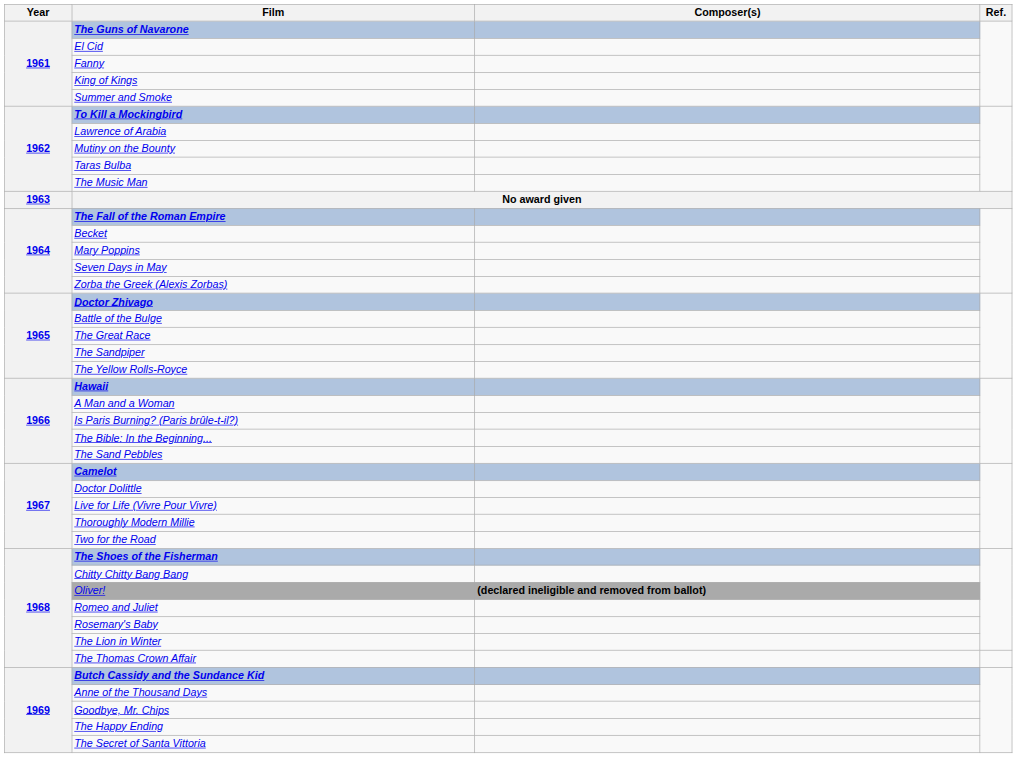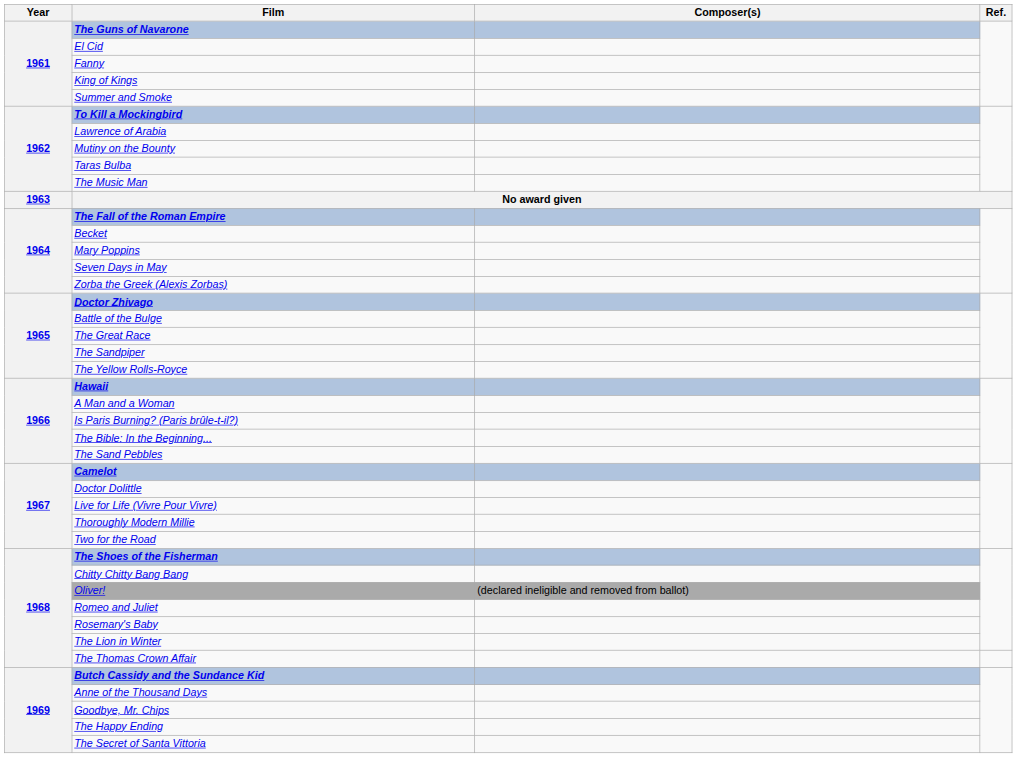 <table class="wikitable sortable unsortable" style="width:95%;" cellpadding="6">
 <tr>
 <th scope="col" style="width:70pt">Year</th>
 <th scope="col" style="width:40%">Film</th>
 <th scope="col">Composer(s)</th>
 <th scope="col" class="unsortable" style="width:30pt">Ref.</th>
 </tr>
 <tr>
 <th rowspan="5" style="text-align:center;"><a href='#'>1961</a></th>
 <td style="background:#B0C4DE;"><strong><em><a href='#'>The Guns of Navarone</a></em></strong></td>
 <td style="background:#B0C4DE;"><strong></strong></td>
 <td rowspan="5"></td>
 </tr>
 <tr>
 <td><em><a href='#'>El Cid</a></em></td>
 <td></td>
 </tr>
 <tr>
 <td><em><a href='#'>Fanny</a></em></td>
 <td></td>
 </tr>
 <tr>
 <td><em><a href='#'>King of Kings</a></em></td>
 <td></td>
 </tr>
 <tr>
 <td><em><a href='#'>Summer and Smoke</a></em></td>
 <td></td>
 </tr>
 <tr>
 <th rowspan="5" style="text-align:center;"><a href='#'>1962</a></th>
 <td style="background:#B0C4DE;"><strong><em><a href='#'>To Kill a Mockingbird</a></em></strong></td>
 <td style="background:#B0C4DE;"><strong></strong></td>
 <td rowspan="5"></td>
 </tr>
 <tr>
 <td><em><a href='#'>Lawrence of Arabia</a></em></td>
 <td></td>
 </tr>
 <tr>
 <td><em><a href='#'>Mutiny on the Bounty</a></em></td>
 <td></td>
 </tr>
 <tr>
 <td><em><a href='#'>Taras Bulba</a></em></td>
 <td></td>
 </tr>
 <tr>
 <td><em><a href='#'>The Music Man</a></em></td>
 <td></td>
 </tr>
 <tr>
 <th style="text-align:center;"><a href='#'>1963</a></th>
 <th colspan="3" style="text-align:center;">No award given</th>
 </tr>
 <tr>
 <th rowspan="5" style="text-align:center;"><a href='#'>1964</a></th>
 <td style="background:#B0C4DE;"><strong><em><a href='#'>The Fall of the Roman Empire</a></em></strong></td>
 <td style="background:#B0C4DE;"><strong></strong></td>
 <td rowspan="5"></td>
 </tr>
 <tr>
 <td><em><a href='#'>Becket</a></em></td>
 <td></td>
 </tr>
 <tr>
 <td><em><a href='#'>Mary Poppins</a></em></td>
 <td></td>
 </tr>
 <tr>
 <td><em><a href='#'>Seven Days in May</a></em></td>
 <td></td>
 </tr>
 <tr>
 <td><em><a href='#'>Zorba the Greek (Alexis Zorbas)</a></em></td>
 <td></td>
 </tr>
 <tr>
 <th rowspan="5" style="text-align:center;"><a href='#'>1965</a></th>
 <td style="background:#B0C4DE;"><strong><em><a href='#'>Doctor Zhivago</a></em></strong></td>
 <td style="background:#B0C4DE;"><strong></strong></td>
 <td rowspan="5"></td>
 </tr>
 <tr>
 <td><em><a href='#'>Battle of the Bulge</a></em></td>
 <td></td>
 </tr>
 <tr>
 <td><em><a href='#'>The Great Race</a></em></td>
 <td></td>
 </tr>
 <tr>
 <td><em><a href='#'>The Sandpiper</a></em></td>
 <td></td>
 </tr>
 <tr>
 <td><em><a href='#'>The Yellow Rolls-Royce</a></em></td>
 <td></td>
 </tr>
 <tr>
 <th rowspan="5" style="text-align:center;"><a href='#'>1966</a></th>
 <td style="background:#B0C4DE;"><strong><em><a href='#'>Hawaii</a></em></strong></td>
 <td style="background:#B0C4DE;"><strong></strong></td>
 <td rowspan="5"></td>
 </tr>
 <tr>
 <td><em><a href='#'>A Man and a Woman</a></em></td>
 <td></td>
 </tr>
 <tr>
 <td><em><a href='#'>Is Paris Burning? (Paris brûle-t-il?)</a></em></td>
 <td></td>
 </tr>
 <tr>
 <td><em><a href='#'>The Bible: In the Beginning...</a></em></td>
 <td></td>
 </tr>
 <tr>
 <td><em><a href='#'>The Sand Pebbles</a></em></td>
 <td></td>
 </tr>
 <tr>
 <th rowspan="5" style="text-align:center;"><a href='#'>1967</a></th>
 <td style="background:#B0C4DE;"><strong><em><a href='#'>Camelot</a></em></strong></td>
 <td style="background:#B0C4DE;"><strong></strong></td>
 <td rowspan="5"></td>
 </tr>
 <tr>
 <td><em><a href='#'>Doctor Dolittle</a></em></td>
 <td></td>
 </tr>
 <tr>
 <td><em><a href='#'>Live for Life (Vivre Pour Vivre)</a></em></td>
 <td></td>
 </tr>
 <tr>
 <td><em><a href='#'>Thoroughly Modern Millie</a></em></td>
 <td></td>
 </tr>
 <tr>
 <td><em><a href='#'>Two for the Road</a></em></td>
 <td></td>
 </tr>
 <tr>
 <th rowspan="7" style="text-align:center;"><a href='#'>1968</a></th>
 <td style="background:#B0C4DE;"><strong><em><a href='#'>The Shoes of the Fisherman</a></em></strong></td>
 <td style="background:#B0C4DE;"><strong></strong></td>
 <td rowspan="6"></td>
 </tr>
 <tr>
 <td><em><a href='#'>Chitty Chitty Bang Bang</a></em></td>
 <td></td>
 </tr>
 <tr>
 <td style="background:#AAAAAA;"><em><a href='#'>Oliver!</a></em></td>
-<td style="background:#AAAAAA;"><strong> (declared ineligible and removed from ballot)</strong></td>
+<td style="background:#AAAAAA;"> (declared ineligible and removed from ballot)</td>
 </tr>
 <tr>
 <td><em><a href='#'>Romeo and Juliet</a></em></td>
 <td></td>
 </tr>
 <tr>
 <td><em><a href='#'>Rosemary's Baby</a></em></td>
 <td></td>
 </tr>
 <tr>
 <td><em><a href='#'>The Lion in Winter</a></em></td>
 <td></td>
 </tr>
 <tr>
 <td><em><a href='#'>The Thomas Crown Affair</a></em></td>
 <td></td>
 </tr>
 <tr>
 <th rowspan="5" style="text-align:center;"><a href='#'>1969</a></th>
 <td style="background:#B0C4DE;"><strong><em><a href='#'>Butch Cassidy and the Sundance Kid</a></em></strong></td>
 <td style="background:#B0C4DE;"><strong></strong></td>
 <td rowspan="5"></td>
 </tr>
 <tr>
 <td><em><a href='#'>Anne of the Thousand Days</a></em></td>
 <td></td>
 </tr>
 <tr>
 <td><em><a href='#'>Goodbye, Mr. Chips</a></em></td>
 <td></td>
 </tr>
 <tr>
 <td><em><a href='#'>The Happy Ending</a></em></td>
 <td></td>
 </tr>
 <tr>
 <td><em><a href='#'>The Secret of Santa Vittoria</a></em></td>
 <td></td>
 </tr>
 </table>
